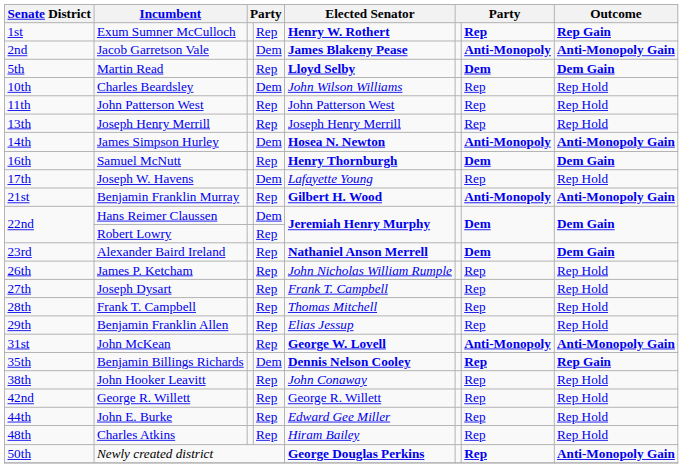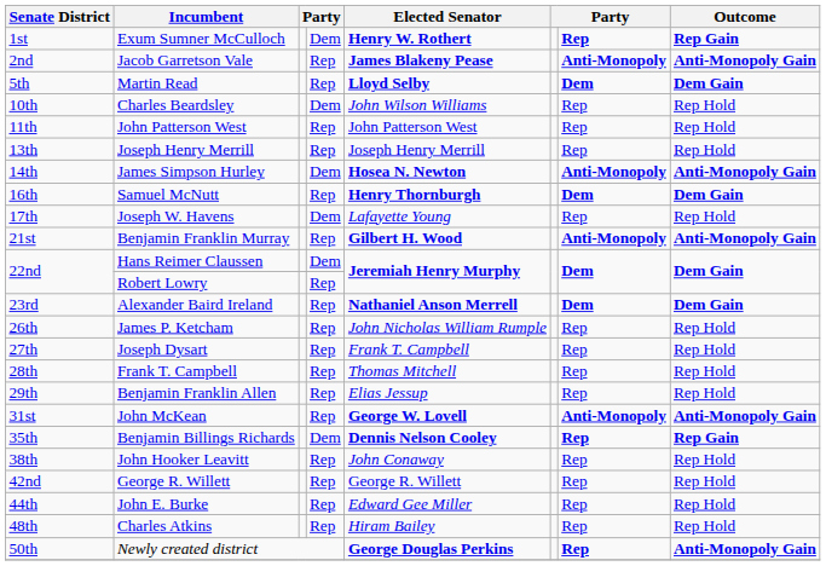 <table class="sortable wikitable" style="font-size:95%;line-height:14px;">
 <tr>
 <th class="sortable"><a href='#'>Senate</a> District</th>
 <th class="sortable"><a href='#'>Incumbent</a></th>
 <th colspan="2">Party</th>
 <th class="sortable">Elected Senator</th>
 <th colspan="2">Party</th>
 <th class="sortable">Outcome</th>
 </tr>
 <tr>
 <td><a href='#'>1st</a></td>
 <td><a href='#'>Exum Sumner McCulloch</a></td>
 <td style="background:"></td>
-<td><a href='#'>Rep</a></td>
+<td><a href='#'>Dem</a></td>
 <td><strong><a href='#'>Henry W. Rothert</a></strong></td>
 <td style="background:"></td>
 <td><strong><a href='#'>Rep</a></strong></td>
 <td><strong><a href='#'>Rep Gain</a></strong></td>
 </tr>
 <tr>
 <td><a href='#'>2nd</a></td>
 <td><a href='#'>Jacob Garretson Vale</a></td>
 <td style="background:"></td>
-<td><a href='#'>Dem</a></td>
+<td><a href='#'>Rep</a></td>
 <td><strong><a href='#'>James Blakeny Pease</a></strong></td>
 <td style="background:"></td>
 <td><strong><a href='#'>Anti-Monopoly</a></strong></td>
 <td><strong><a href='#'>Anti-Monopoly Gain</a></strong></td>
 </tr>
 <tr>
 <td><a href='#'>5th</a></td>
 <td><a href='#'>Martin Read</a></td>
 <td style="background:"></td>
 <td><a href='#'>Rep</a></td>
 <td><strong><a href='#'>Lloyd Selby</a></strong></td>
 <td style="background:"></td>
 <td><strong><a href='#'>Dem</a></strong></td>
 <td><strong><a href='#'>Dem Gain</a></strong></td>
 </tr>
 <tr>
 <td><a href='#'>10th</a></td>
 <td><a href='#'>Charles Beardsley</a></td>
 <td style="background:"></td>
 <td><a href='#'>Dem</a></td>
 <td><em><a href='#'>John Wilson Williams</a></em></td>
 <td style="background:"></td>
 <td><a href='#'>Rep</a></td>
 <td><a href='#'>Rep Hold</a></td>
 </tr>
 <tr>
 <td><a href='#'>11th</a></td>
 <td><a href='#'>John Patterson West</a></td>
 <td style="background:"></td>
 <td><a href='#'>Rep</a></td>
 <td><a href='#'>John Patterson West</a></td>
 <td style="background:"></td>
 <td><a href='#'>Rep</a></td>
 <td><a href='#'>Rep Hold</a></td>
 </tr>
 <tr>
 <td><a href='#'>13th</a></td>
 <td><a href='#'>Joseph Henry Merrill</a></td>
 <td style="background:"></td>
 <td><a href='#'>Rep</a></td>
 <td><a href='#'>Joseph Henry Merrill</a></td>
 <td style="background:"></td>
 <td><a href='#'>Rep</a></td>
 <td><a href='#'>Rep Hold</a></td>
 </tr>
 <tr>
 <td><a href='#'>14th</a></td>
 <td><a href='#'>James Simpson Hurley</a></td>
 <td style="background:"></td>
 <td><a href='#'>Dem</a></td>
 <td><strong><a href='#'>Hosea N. Newton</a></strong></td>
 <td style="background:"></td>
 <td><strong><a href='#'>Anti-Monopoly</a></strong></td>
 <td><strong><a href='#'>Anti-Monopoly Gain</a></strong></td>
 </tr>
 <tr>
 <td><a href='#'>16th</a></td>
 <td><a href='#'>Samuel McNutt</a></td>
 <td style="background:"></td>
 <td><a href='#'>Rep</a></td>
 <td><strong><a href='#'>Henry Thornburgh</a></strong></td>
 <td style="background:"></td>
 <td><strong><a href='#'>Dem</a></strong></td>
 <td><strong><a href='#'>Dem Gain</a></strong></td>
 </tr>
 <tr>
 <td><a href='#'>17th</a></td>
 <td><a href='#'>Joseph W. Havens</a></td>
 <td style="background:"></td>
 <td><a href='#'>Dem</a></td>
 <td><em><a href='#'>Lafayette Young</a></em></td>
 <td style="background:"></td>
 <td><a href='#'>Rep</a></td>
 <td><a href='#'>Rep Hold</a></td>
 </tr>
 <tr>
 <td><a href='#'>21st</a></td>
 <td><a href='#'>Benjamin Franklin Murray</a></td>
 <td style="background:"></td>
 <td><a href='#'>Rep</a></td>
 <td><strong><a href='#'>Gilbert H. Wood</a></strong></td>
 <td style="background:"></td>
 <td><strong><a href='#'>Anti-Monopoly</a></strong></td>
 <td><strong><a href='#'>Anti-Monopoly Gain</a></strong></td>
 </tr>
 <tr>
 <td rowspan="2"><a href='#'>22nd</a></td>
 <td><a href='#'>Hans Reimer Claussen</a></td>
 <td style="background:"></td>
 <td><a href='#'>Dem</a></td>
 <td rowspan="2"><strong><a href='#'>Jeremiah Henry Murphy</a></strong></td>
 <td rowspan="2" style="background:"></td>
 <td rowspan="2"><strong><a href='#'>Dem</a></strong></td>
 <td rowspan="2" ><strong><a href='#'>Dem Gain</a></strong></td>
 </tr>
 <tr>
 <td><a href='#'>Robert Lowry</a></td>
 <td style="background:"></td>
 <td><a href='#'>Rep</a></td>
 </tr>
 <tr>
 <td><a href='#'>23rd</a></td>
 <td><a href='#'>Alexander Baird Ireland</a></td>
 <td style="background:"></td>
 <td><a href='#'>Rep</a></td>
 <td><strong><a href='#'>Nathaniel Anson Merrell</a></strong></td>
 <td style="background:"></td>
 <td><strong><a href='#'>Dem</a></strong></td>
 <td><strong><a href='#'>Dem Gain</a></strong></td>
 </tr>
 <tr>
 <td><a href='#'>26th</a></td>
 <td><a href='#'>James P. Ketcham</a></td>
 <td style="background:"></td>
 <td><a href='#'>Rep</a></td>
 <td><em><a href='#'>John Nicholas William Rumple</a></em></td>
 <td style="background:"></td>
 <td><a href='#'>Rep</a></td>
 <td><a href='#'>Rep Hold</a></td>
 </tr>
 <tr>
 <td><a href='#'>27th</a></td>
 <td><a href='#'>Joseph Dysart</a></td>
 <td style="background:"></td>
 <td><a href='#'>Rep</a></td>
 <td><em><a href='#'>Frank T. Campbell</a></em></td>
 <td style="background:"></td>
 <td><a href='#'>Rep</a></td>
 <td><a href='#'>Rep Hold</a></td>
 </tr>
 <tr>
 <td><a href='#'>28th</a></td>
 <td><a href='#'>Frank T. Campbell</a></td>
 <td style="background:"></td>
 <td><a href='#'>Rep</a></td>
 <td><em><a href='#'>Thomas Mitchell</a></em></td>
 <td style="background:"></td>
 <td><a href='#'>Rep</a></td>
 <td><a href='#'>Rep Hold</a></td>
 </tr>
 <tr>
 <td><a href='#'>29th</a></td>
 <td><a href='#'>Benjamin Franklin Allen</a></td>
 <td style="background:"></td>
 <td><a href='#'>Rep</a></td>
 <td><em><a href='#'>Elias Jessup</a></em></td>
 <td style="background:"></td>
 <td><a href='#'>Rep</a></td>
 <td><a href='#'>Rep Hold</a></td>
 </tr>
 <tr>
 <td><a href='#'>31st</a></td>
 <td><a href='#'>John McKean</a></td>
 <td style="background:"></td>
 <td><a href='#'>Rep</a></td>
 <td><strong><a href='#'>George W. Lovell</a></strong></td>
 <td style="background:"></td>
 <td><strong><a href='#'>Anti-Monopoly</a></strong></td>
 <td><strong><a href='#'>Anti-Monopoly Gain</a></strong></td>
 </tr>
 <tr>
 <td><a href='#'>35th</a></td>
 <td><a href='#'>Benjamin Billings Richards</a></td>
 <td style="background:"></td>
 <td><a href='#'>Dem</a></td>
 <td><strong><a href='#'>Dennis Nelson Cooley</a></strong></td>
 <td style="background:"></td>
 <td><strong><a href='#'>Rep</a></strong></td>
 <td><strong><a href='#'>Rep Gain</a></strong></td>
 </tr>
 <tr>
 <td><a href='#'>38th</a></td>
 <td><a href='#'>John Hooker Leavitt</a></td>
 <td style="background:"></td>
 <td><a href='#'>Rep</a></td>
 <td><em><a href='#'>John Conaway</a></em></td>
 <td style="background:"></td>
 <td><a href='#'>Rep</a></td>
 <td><a href='#'>Rep Hold</a></td>
 </tr>
 <tr>
 <td><a href='#'>42nd</a></td>
 <td><a href='#'>George R. Willett</a></td>
 <td style="background:"></td>
 <td><a href='#'>Rep</a></td>
 <td><a href='#'>George R. Willett</a></td>
 <td style="background:"></td>
 <td><a href='#'>Rep</a></td>
 <td><a href='#'>Rep Hold</a></td>
 </tr>
 <tr>
 <td><a href='#'>44th</a></td>
 <td><a href='#'>John E. Burke</a></td>
 <td style="background:"></td>
 <td><a href='#'>Rep</a></td>
 <td><em><a href='#'>Edward Gee Miller</a></em></td>
 <td style="background:"></td>
 <td><a href='#'>Rep</a></td>
 <td><a href='#'>Rep Hold</a></td>
 </tr>
 <tr>
 <td><a href='#'>48th</a></td>
 <td><a href='#'>Charles Atkins</a></td>
 <td style="background:"></td>
 <td><a href='#'>Rep</a></td>
 <td><em><a href='#'>Hiram Bailey</a></em></td>
 <td style="background:"></td>
 <td><a href='#'>Rep</a></td>
 <td><a href='#'>Rep Hold</a></td>
 </tr>
 <tr>
 <td><a href='#'>50th</a></td>
 <td colspan="3" ><em>Newly created district</em></td>
 <td><strong><a href='#'>George Douglas Perkins</a></strong></td>
 <td style="background:"></td>
 <td><strong><a href='#'>Rep</a></strong></td>
 <td><strong><a href='#'>Anti-Monopoly Gain</a></strong></td>
 </tr>
 <tr>
 </tr>
 </table>
